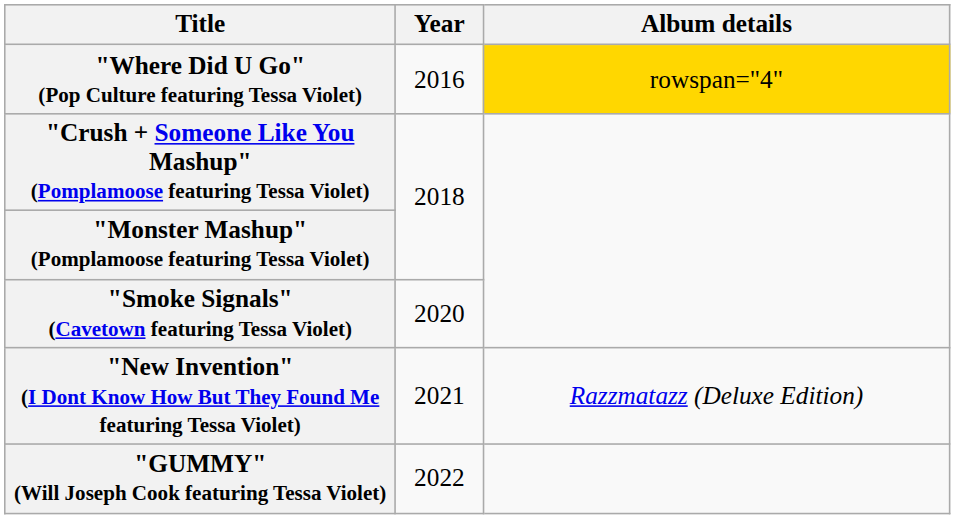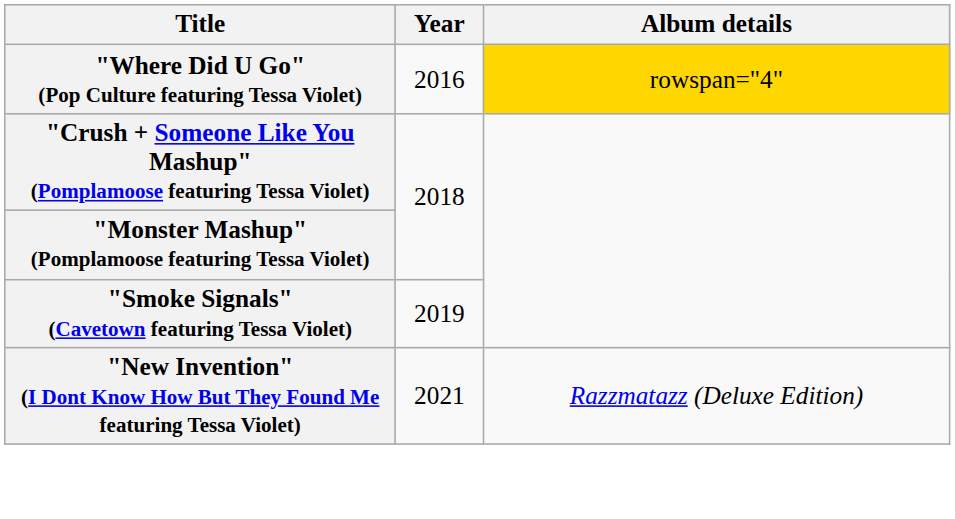 <table class="wikitable plainrowheaders" style="text-align:center;">
 <tr>
 <th scope="col" rowspan="1" style="width:15em;">Title</th>
 <th scope="col" rowspan="1" style="width:3em;">Year</th>
 <th scope="col" rowspan="1" style="width:18em;">Album details</th>
 </tr>
 <tr>
 <th scope="row">"Where Did U Go"<br><small>(Pop Culture featuring Tessa Violet)</small></th>
 <td>2016</td>
 <td style="background: gold;">rowspan="4" </td>
 </tr>
 <tr>
 <th scope="row">"Crush + <a href='#'>Someone Like You</a> Mashup"<br><small>(<a href='#'>Pomplamoose</a> featuring Tessa Violet)</small></th>
 <td rowspan="2">2018</td>
 </tr>
 <tr>
 <th scope="row">"Monster Mashup"<br><small>(Pomplamoose featuring Tessa Violet)</small></th>
 </tr>
 <tr>
 <th scope="row">"Smoke Signals"<br><small>(<a href='#'>Cavetown</a> featuring Tessa Violet)</small></th>
-<td>2020</td>
+<td>2019</td>
 </tr>
 <tr>
 <th scope="row">"New Invention"<br><small>(<a href='#'>I Dont Know How But They Found Me</a> featuring Tessa Violet)</small></th>
 <td>2021</td>
 <td><em><a href='#'>Razzmatazz</a> (Deluxe Edition)</em></td>
 </tr>
-<tr>
-<th scope="row">"GUMMY"<br><small>(Will Joseph Cook featuring Tessa Violet)</small></th>
-<td>2022</td>
-<td></td>
-</tr>
 </table>
